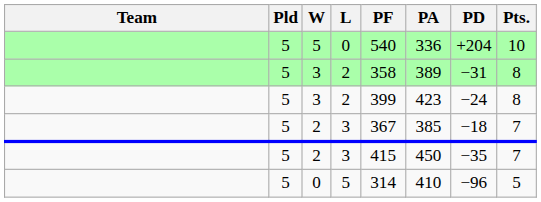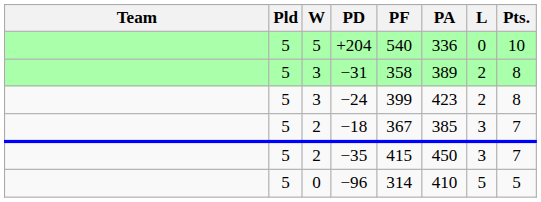 <table class=wikitable style="text-align:center">
 <tr>
 <th width=240>Team</th>
 <th width=20>Pld</th>
 <th width=20>W</th>
-<th width=20>L</th>
+<th width=35>PD</th>
 <th width=35>PF</th>
 <th width=35>PA</th>
-<th width=35>PD</th>
+<th width=20>L</th>
 <th width=30>Pts.</th>
 </tr>
 <tr bgcolor=#aaffaa>
 <td align=left></td>
 <td>5</td>
 <td>5</td>
-<td>0</td>
+<td>+204</td>
 <td>540</td>
 <td>336</td>
-<td>+204</td>
+<td>0</td>
 <td>10</td>
 </tr>
 <tr bgcolor=#aaffaa>
 <td align=left></td>
 <td>5</td>
 <td>3</td>
-<td>2</td>
+<td>−31</td>
 <td>358</td>
 <td>389</td>
-<td>−31</td>
+<td>2</td>
 <td>8</td>
 </tr>
 <tr>
 <td align=left></td>
 <td>5</td>
 <td>3</td>
-<td>2</td>
+<td>−24</td>
 <td>399</td>
 <td>423</td>
-<td>−24</td>
+<td>2</td>
 <td>8</td>
 </tr>
 <tr style="border-bottom:3px solid blue;">
 <td align=left></td>
 <td>5</td>
 <td>2</td>
-<td>3</td>
+<td>−18</td>
 <td>367</td>
 <td>385</td>
-<td>−18</td>
+<td>3</td>
 <td>7</td>
 </tr>
 <tr>
 <td align=left></td>
 <td>5</td>
 <td>2</td>
-<td>3</td>
+<td>−35</td>
 <td>415</td>
 <td>450</td>
-<td>−35</td>
+<td>3</td>
 <td>7</td>
 </tr>
 <tr>
 <td align=left></td>
 <td>5</td>
 <td>0</td>
-<td>5</td>
+<td>−96</td>
 <td>314</td>
 <td>410</td>
-<td>−96</td>
+<td>5</td>
 <td>5</td>
 </tr>
 </table>
